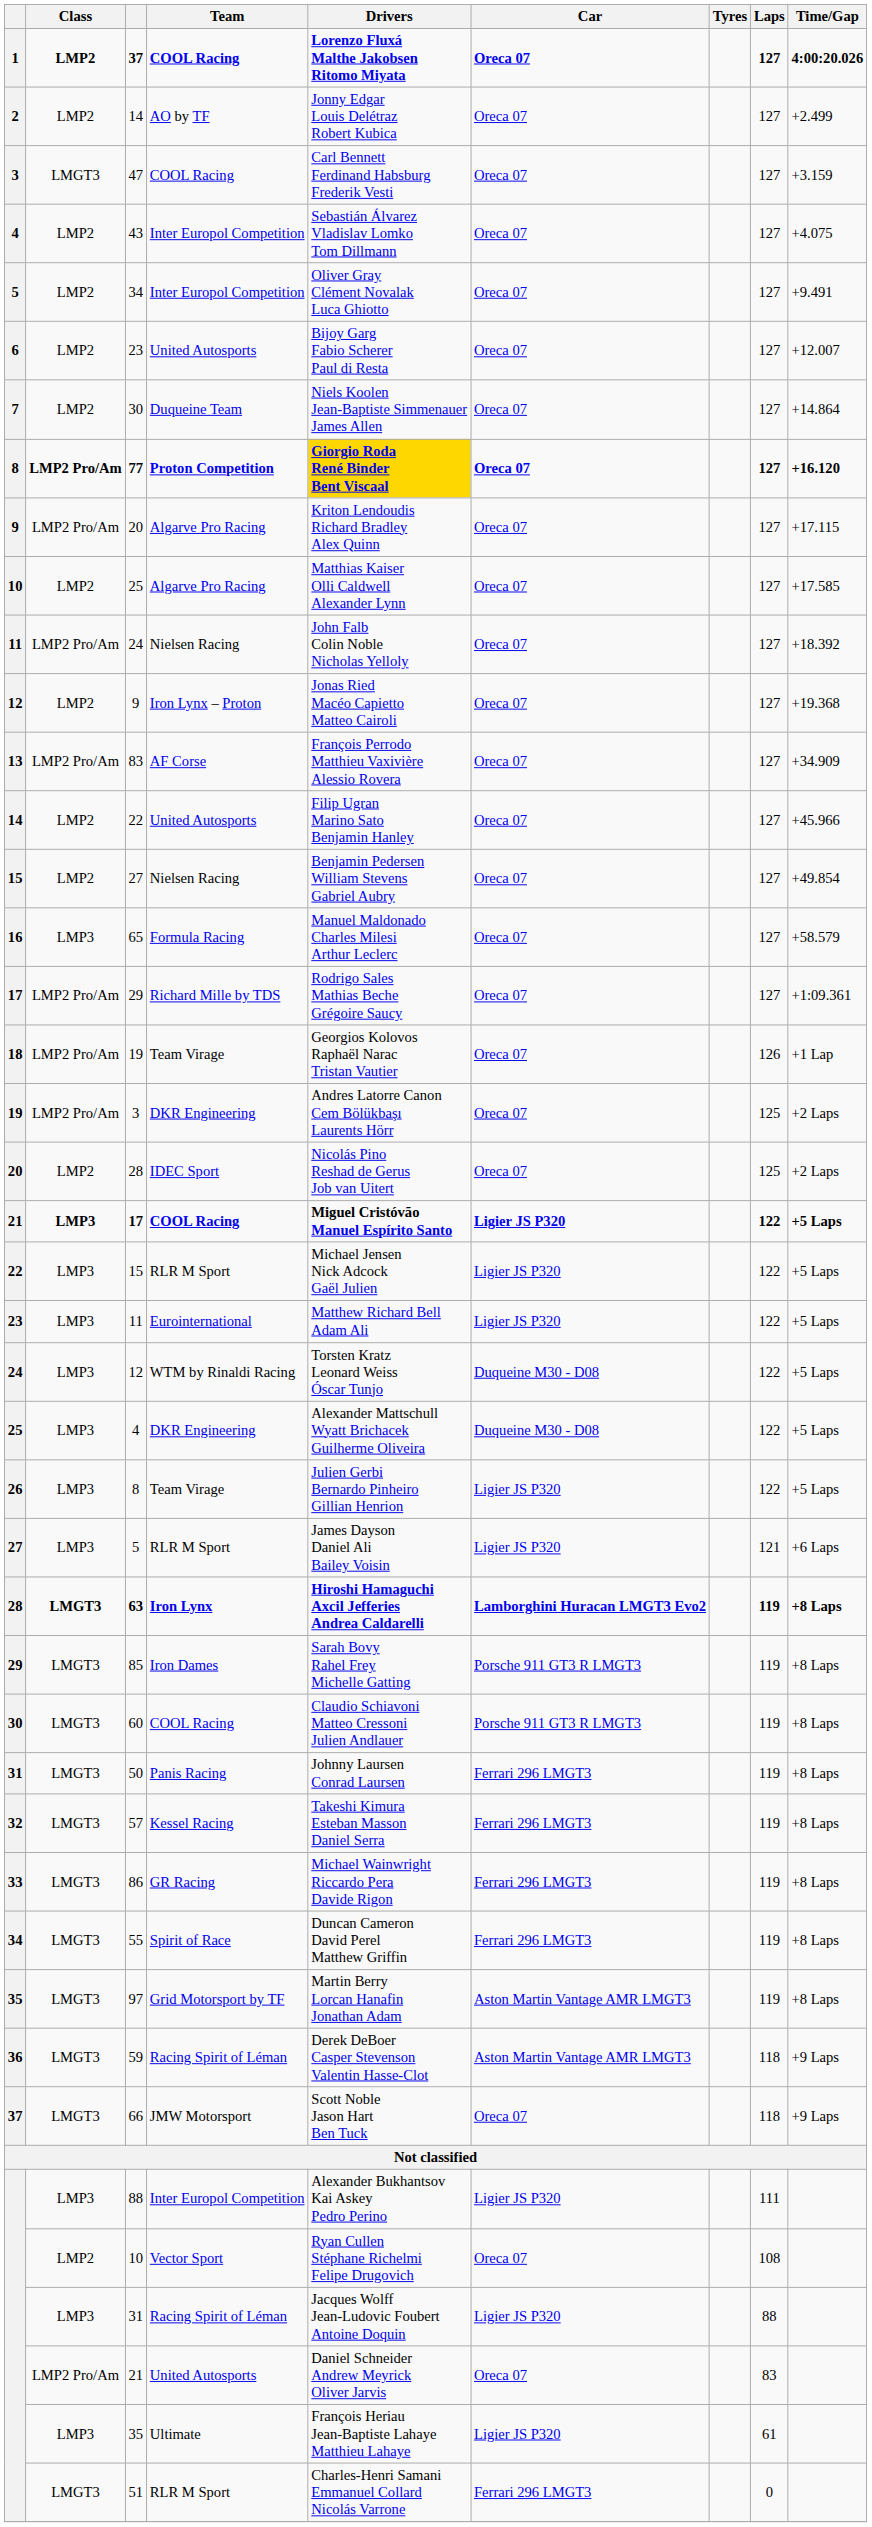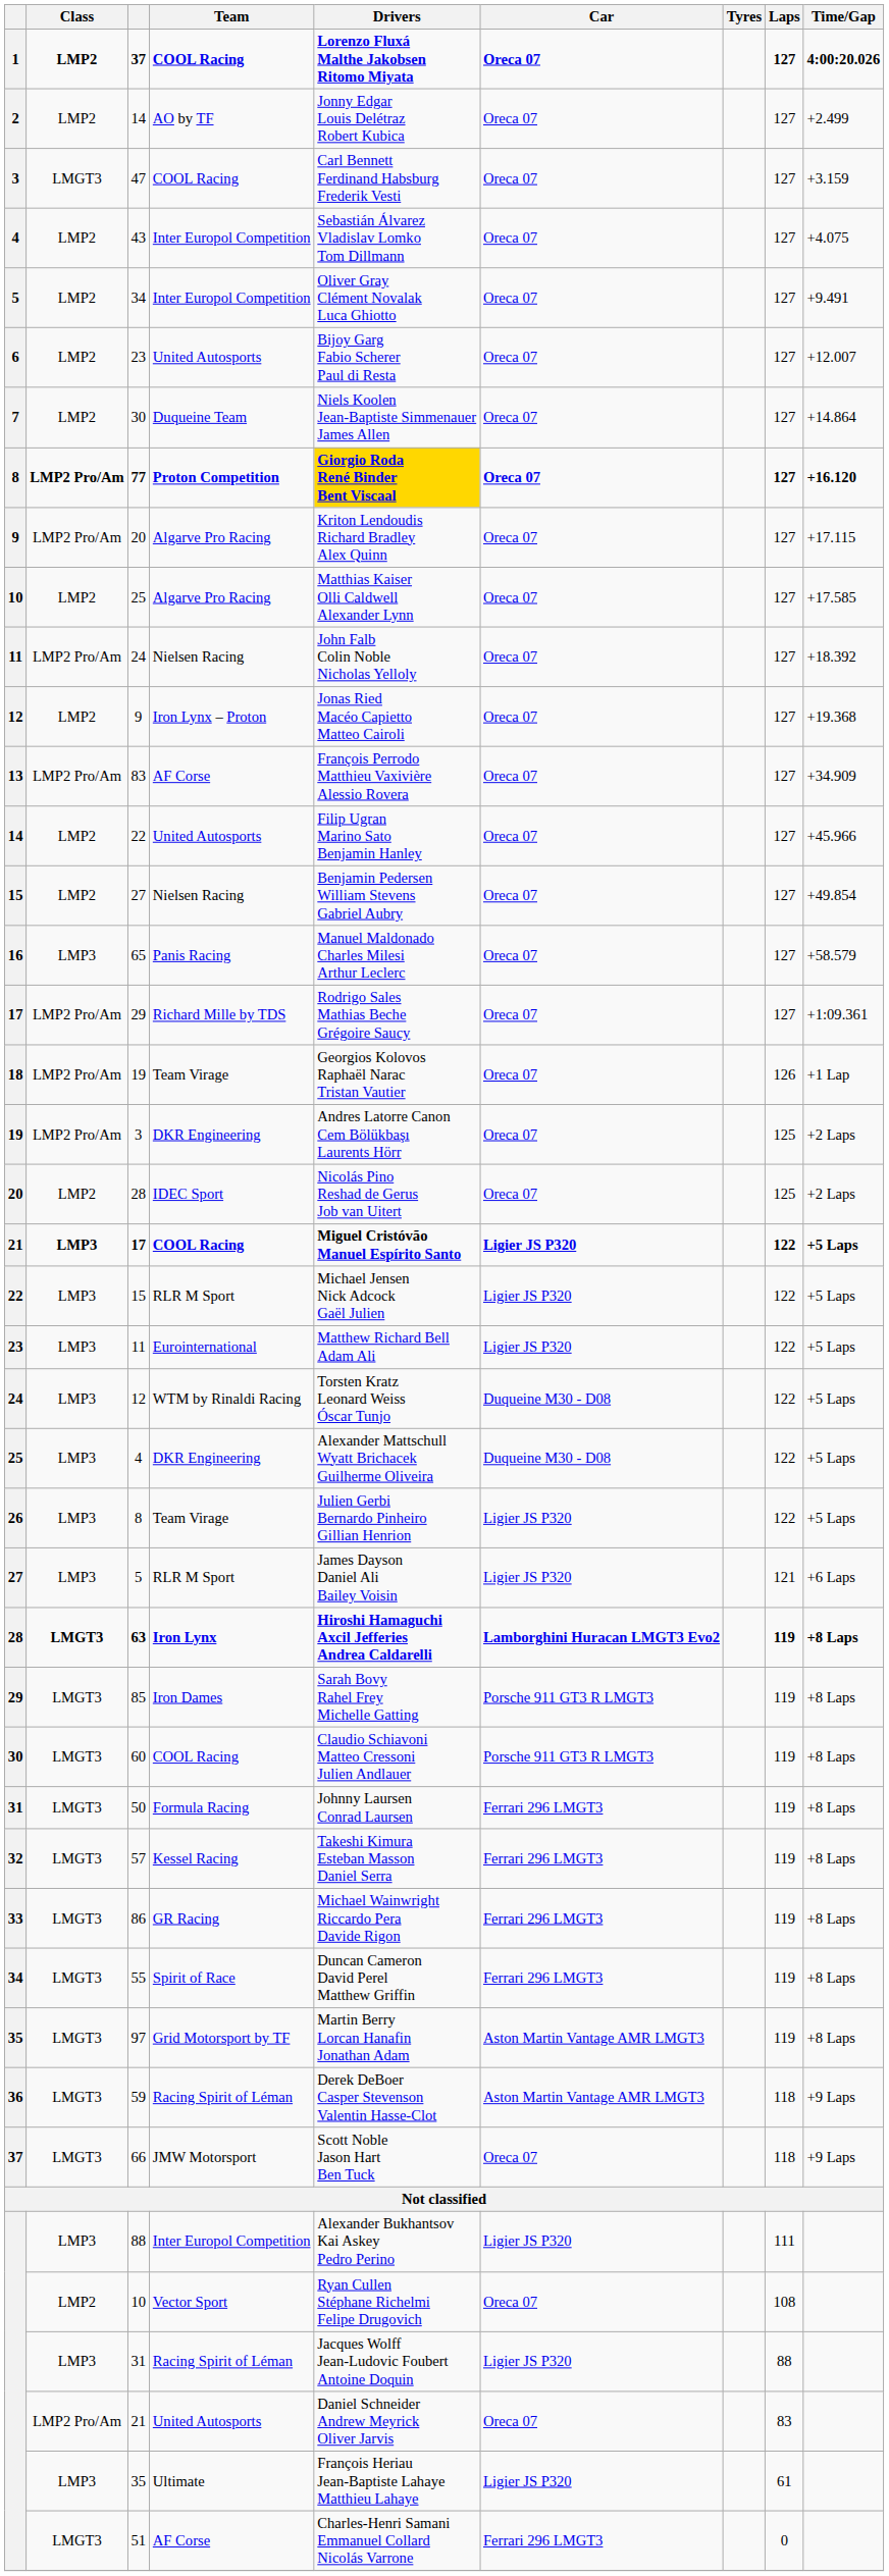 <table class="wikitable" style="font-size:95%;">
 <tr>
 <th></th>
 <th>Class</th>
 <th></th>
 <th>Team</th>
 <th>Drivers</th>
 <th>Car</th>
 <th>Tyres</th>
 <th>Laps</th>
 <th>Time/Gap</th>
 </tr>
 <tr style="font-weight: bold;">
 <th>1</th>
 <td align="center">LMP2</td>
 <td align="center">37</td>
 <td> <a href='#'>COOL Racing</a></td>
 <td> <a href='#'>Lorenzo Fluxá</a><br> <a href='#'>Malthe Jakobsen</a><br> <a href='#'>Ritomo Miyata</a></td>
 <td><a href='#'>Oreca 07</a></td>
 <td align="center"></td>
 <td align="center">127</td>
 <td align="center">4:00:20.026</td>
 </tr>
 <tr>
 <th>2</th>
 <td align="center">LMP2</td>
 <td align="center">14</td>
 <td> <a href='#'>AO</a> by <a href='#'>TF</a></td>
 <td> <a href='#'>Jonny Edgar</a><br> <a href='#'>Louis Delétraz</a><br> <a href='#'>Robert Kubica</a></td>
 <td><a href='#'>Oreca 07</a></td>
 <td align="center"></td>
 <td align="center">127</td>
 <td>+2.499</td>
 </tr>
 <tr>
 <th>3</th>
 <td align="center">LMGT3</td>
 <td align="center">47</td>
 <td> <a href='#'>COOL Racing</a></td>
 <td> <a href='#'>Carl Bennett</a><br> <a href='#'>Ferdinand Habsburg</a><br> <a href='#'>Frederik Vesti</a></td>
 <td><a href='#'>Oreca 07</a></td>
 <td align="center"></td>
 <td align="center">127</td>
 <td>+3.159</td>
 </tr>
 <tr>
 <th>4</th>
 <td align="center">LMP2</td>
 <td align="center">43</td>
 <td> <a href='#'>Inter Europol Competition</a></td>
 <td> <a href='#'>Sebastián Álvarez</a><br> <a href='#'>Vladislav Lomko</a><br> <a href='#'>Tom Dillmann</a></td>
 <td><a href='#'>Oreca 07</a></td>
 <td align="center"></td>
 <td align="center">127</td>
 <td>+4.075</td>
 </tr>
 <tr>
 <th>5</th>
 <td align="center">LMP2</td>
 <td align="center">34</td>
 <td> <a href='#'>Inter Europol Competition</a></td>
 <td> <a href='#'>Oliver Gray</a><br> <a href='#'>Clément Novalak</a><br> <a href='#'>Luca Ghiotto</a></td>
 <td><a href='#'>Oreca 07</a></td>
 <td align="center"></td>
 <td align="center">127</td>
 <td>+9.491</td>
 </tr>
 <tr>
 <th>6</th>
 <td align="center">LMP2</td>
 <td align="center">23</td>
 <td> <a href='#'>United Autosports</a></td>
 <td> <a href='#'>Bijoy Garg</a><br> <a href='#'>Fabio Scherer</a><br> <a href='#'>Paul di Resta</a></td>
 <td><a href='#'>Oreca 07</a></td>
 <td align="center"></td>
 <td align="center">127</td>
 <td>+12.007</td>
 </tr>
 <tr>
 <th>7</th>
 <td align="center">LMP2</td>
 <td align="center">30</td>
 <td> <a href='#'>Duqueine Team</a></td>
 <td> <a href='#'>Niels Koolen</a><br> <a href='#'>Jean-Baptiste Simmenauer</a><br> <a href='#'>James Allen</a></td>
 <td><a href='#'>Oreca 07</a></td>
 <td align="center"></td>
 <td align="center">127</td>
 <td>+14.864</td>
 </tr>
 <tr style="font-weight: bold;">
 <th>8</th>
 <td align="center">LMP2 Pro/Am</td>
 <td align="center">77</td>
 <td> <a href='#'>Proton Competition</a></td>
 <td style="background: gold;"> <a href='#'>Giorgio Roda</a><br> <a href='#'>René Binder</a><br> <a href='#'>Bent Viscaal</a></td>
 <td><a href='#'>Oreca 07</a></td>
 <td align="center"></td>
 <td align="center">127</td>
 <td>+16.120</td>
 </tr>
 <tr>
 <th>9</th>
 <td align="center">LMP2 Pro/Am</td>
 <td align="center">20</td>
 <td> <a href='#'>Algarve Pro Racing</a></td>
 <td> <a href='#'>Kriton Lendoudis</a><br> <a href='#'>Richard Bradley</a><br> <a href='#'>Alex Quinn</a></td>
 <td><a href='#'>Oreca 07</a></td>
 <td align="center"></td>
 <td align="center">127</td>
 <td>+17.115</td>
 </tr>
 <tr>
 <th>10</th>
 <td align="center">LMP2</td>
 <td align="center">25</td>
 <td> <a href='#'>Algarve Pro Racing</a></td>
 <td> <a href='#'>Matthias Kaiser</a><br> <a href='#'>Olli Caldwell</a><br> <a href='#'>Alexander Lynn</a></td>
 <td><a href='#'>Oreca 07</a></td>
 <td align="center"></td>
 <td align="center">127</td>
 <td>+17.585</td>
 </tr>
 <tr>
 <th>11</th>
 <td align="center">LMP2 Pro/Am</td>
 <td align="center">24</td>
 <td> Nielsen Racing</td>
 <td> <a href='#'>John Falb</a><br> Colin Noble<br> <a href='#'>Nicholas Yelloly</a></td>
 <td><a href='#'>Oreca 07</a></td>
 <td align="center"></td>
 <td align="center">127</td>
 <td>+18.392</td>
 </tr>
 <tr>
 <th>12</th>
 <td align="center">LMP2</td>
 <td align="center">9</td>
 <td> <a href='#'>Iron Lynx</a> – <a href='#'>Proton</a></td>
 <td> <a href='#'>Jonas Ried</a><br> <a href='#'>Macéo Capietto</a><br> <a href='#'>Matteo Cairoli</a></td>
 <td><a href='#'>Oreca 07</a></td>
 <td align="center"></td>
 <td align="center">127</td>
 <td>+19.368</td>
 </tr>
 <tr>
 <th>13</th>
 <td align="center">LMP2 Pro/Am</td>
 <td align="center">83</td>
 <td> <a href='#'>AF Corse</a></td>
 <td> <a href='#'>François Perrodo</a><br> <a href='#'>Matthieu Vaxivière</a><br> <a href='#'>Alessio Rovera</a></td>
 <td><a href='#'>Oreca 07</a></td>
 <td align="center"></td>
 <td align="center">127</td>
 <td>+34.909</td>
 </tr>
 <tr>
 <th>14</th>
 <td align="center">LMP2</td>
 <td align="center">22</td>
 <td> <a href='#'>United Autosports</a></td>
 <td> <a href='#'>Filip Ugran</a><br> <a href='#'>Marino Sato</a><br> <a href='#'>Benjamin Hanley</a></td>
 <td><a href='#'>Oreca 07</a></td>
 <td align="center"></td>
 <td align="center">127</td>
 <td>+45.966</td>
 </tr>
 <tr>
 <th>15</th>
 <td align="center">LMP2</td>
 <td align="center">27</td>
 <td> Nielsen Racing</td>
 <td> <a href='#'>Benjamin Pedersen</a><br> <a href='#'>William Stevens</a><br> <a href='#'>Gabriel Aubry</a></td>
 <td><a href='#'>Oreca 07</a></td>
 <td align="center"></td>
 <td align="center">127</td>
 <td>+49.854</td>
 </tr>
 <tr>
 <th>16</th>
 <td align="center">LMP3</td>
 <td align="center">65</td>
-<td> <a href='#'>Formula Racing</a></td>
+<td> <a href='#'>Panis Racing</a></td>
 <td> <a href='#'>Manuel Maldonado</a><br> <a href='#'>Charles Milesi</a><br> <a href='#'>Arthur Leclerc</a></td>
 <td><a href='#'>Oreca 07</a></td>
 <td align="center"></td>
 <td align="center">127</td>
 <td>+58.579</td>
 </tr>
 <tr>
 <th>17</th>
 <td align="center">LMP2 Pro/Am</td>
 <td align="center">29</td>
 <td> <a href='#'>Richard Mille by TDS</a></td>
 <td> <a href='#'>Rodrigo Sales</a><br> <a href='#'>Mathias Beche</a><br> <a href='#'>Grégoire Saucy</a></td>
 <td><a href='#'>Oreca 07</a></td>
 <td align="center"></td>
 <td align="center">127</td>
 <td>+1:09.361</td>
 </tr>
 <tr>
 <th>18</th>
 <td align="center">LMP2 Pro/Am</td>
 <td align="center">19</td>
 <td> Team Virage</td>
 <td> Georgios Kolovos<br> Raphaël Narac<br> <a href='#'>Tristan Vautier</a></td>
 <td><a href='#'>Oreca 07</a></td>
 <td align="center"></td>
 <td align="center">126</td>
 <td>+1 Lap</td>
 </tr>
 <tr>
 <th>19</th>
 <td align="center">LMP2 Pro/Am</td>
 <td align="center">3</td>
 <td> <a href='#'>DKR Engineering</a></td>
 <td> Andres Latorre Canon<br> <a href='#'>Cem Bölükbaşı</a><br> <a href='#'>Laurents Hörr</a></td>
 <td><a href='#'>Oreca 07</a></td>
 <td align="center"></td>
 <td align="center">125</td>
 <td>+2 Laps</td>
 </tr>
 <tr>
 <th>20</th>
 <td align="center">LMP2</td>
 <td align="center">28</td>
 <td> <a href='#'>IDEC Sport</a></td>
 <td> <a href='#'>Nicolás Pino</a><br> <a href='#'>Reshad de Gerus</a><br> <a href='#'>Job van Uitert</a></td>
 <td><a href='#'>Oreca 07</a></td>
 <td align="center"></td>
 <td align="center">125</td>
 <td>+2 Laps</td>
 </tr>
 <tr style="font-weight: bold;">
 <th>21</th>
 <td align="center">LMP3</td>
 <td align="center">17</td>
 <td> <a href='#'>COOL Racing</a></td>
 <td> Miguel Cristóvão<br> <a href='#'>Manuel Espírito Santo</a></td>
 <td><a href='#'>Ligier JS P320</a></td>
 <td align="center"></td>
 <td align="center">122</td>
 <td>+5 Laps</td>
 </tr>
 <tr>
 <th>22</th>
 <td align="center">LMP3</td>
 <td align="center">15</td>
 <td> RLR M Sport</td>
 <td> Michael Jensen<br> Nick Adcock<br> <a href='#'>Gaël Julien</a></td>
 <td><a href='#'>Ligier JS P320</a></td>
 <td align="center"></td>
 <td align="center">122</td>
 <td>+5 Laps</td>
 </tr>
 <tr>
 <th>23</th>
 <td align="center">LMP3</td>
 <td align="center">11</td>
 <td> <a href='#'>Eurointernational</a></td>
 <td> <a href='#'>Matthew Richard Bell</a><br> <a href='#'>Adam Ali</a></td>
 <td><a href='#'>Ligier JS P320</a></td>
 <td align="center"></td>
 <td align="center">122</td>
 <td>+5 Laps</td>
 </tr>
 <tr>
 <th>24</th>
 <td align="center">LMP3</td>
 <td align="center">12</td>
 <td> WTM by Rinaldi Racing</td>
 <td> Torsten Kratz<br> Leonard Weiss<br> <a href='#'>Óscar Tunjo</a></td>
 <td><a href='#'>Duqueine M30 - D08</a></td>
 <td align="center"></td>
 <td align="center">122</td>
 <td>+5 Laps</td>
 </tr>
 <tr>
 <th>25</th>
 <td align="center">LMP3</td>
 <td align="center">4</td>
 <td> <a href='#'>DKR Engineering</a></td>
 <td> Alexander Mattschull<br> <a href='#'>Wyatt Brichacek</a><br> <a href='#'>Guilherme Oliveira</a></td>
 <td><a href='#'>Duqueine M30 - D08</a></td>
 <td align="center"></td>
 <td align="center">122</td>
 <td>+5 Laps</td>
 </tr>
 <tr>
 <th>26</th>
 <td align="center">LMP3</td>
 <td align="center">8</td>
 <td> Team Virage</td>
 <td> <a href='#'>Julien Gerbi</a><br> <a href='#'>Bernardo Pinheiro</a><br> <a href='#'>Gillian Henrion</a></td>
 <td><a href='#'>Ligier JS P320</a></td>
 <td align="center"></td>
 <td align="center">122</td>
 <td>+5 Laps</td>
 </tr>
 <tr>
 <th>27</th>
 <td align="center">LMP3</td>
 <td align="center">5</td>
 <td> RLR M Sport</td>
 <td> James Dayson<br> Daniel Ali<br> <a href='#'>Bailey Voisin</a></td>
 <td><a href='#'>Ligier JS P320</a></td>
 <td align="center"></td>
 <td align="center">121</td>
 <td>+6 Laps</td>
 </tr>
 <tr style="font-weight: bold;">
 <th>28</th>
 <td align="center">LMGT3</td>
 <td align="center">63</td>
 <td> <a href='#'>Iron Lynx</a></td>
 <td> <a href='#'>Hiroshi Hamaguchi</a><br> <a href='#'>Axcil Jefferies</a><br> <a href='#'>Andrea Caldarelli</a></td>
 <td><a href='#'>Lamborghini Huracan LMGT3 Evo2</a></td>
 <td align="center"></td>
 <td align="center">119</td>
 <td>+8 Laps</td>
 </tr>
 <tr>
 <th>29</th>
 <td align="center">LMGT3</td>
 <td align="center">85</td>
 <td> <a href='#'>Iron Dames</a></td>
 <td> <a href='#'>Sarah Bovy</a><br> <a href='#'>Rahel Frey</a><br> <a href='#'>Michelle Gatting</a></td>
 <td><a href='#'>Porsche 911 GT3 R LMGT3</a></td>
 <td align="center"></td>
 <td align="center">119</td>
 <td>+8 Laps</td>
 </tr>
 <tr>
 <th>30</th>
 <td align="center">LMGT3</td>
 <td align="center">60</td>
 <td> <a href='#'>COOL Racing</a></td>
 <td> <a href='#'>Claudio Schiavoni</a><br> <a href='#'>Matteo Cressoni</a><br> <a href='#'>Julien Andlauer</a></td>
 <td><a href='#'>Porsche 911 GT3 R LMGT3</a></td>
 <td align="center"></td>
 <td align="center">119</td>
 <td>+8 Laps</td>
 </tr>
 <tr>
 <th>31</th>
 <td align="center">LMGT3</td>
 <td align="center">50</td>
-<td> <a href='#'>Panis Racing</a></td>
+<td> <a href='#'>Formula Racing</a></td>
 <td> Johnny Laursen<br> <a href='#'>Conrad Laursen</a></td>
 <td><a href='#'>Ferrari 296 LMGT3</a></td>
 <td align="center"></td>
 <td align="center">119</td>
 <td>+8 Laps</td>
 </tr>
 <tr>
 <th>32</th>
 <td align="center">LMGT3</td>
 <td align="center">57</td>
 <td> <a href='#'>Kessel Racing</a></td>
 <td> <a href='#'>Takeshi Kimura</a><br> <a href='#'>Esteban Masson</a><br> <a href='#'>Daniel Serra</a></td>
 <td><a href='#'>Ferrari 296 LMGT3</a></td>
 <td align="center"></td>
 <td align="center">119</td>
 <td>+8 Laps</td>
 </tr>
 <tr>
 <th>33</th>
 <td align="center">LMGT3</td>
 <td align="center">86</td>
 <td> <a href='#'>GR Racing</a></td>
 <td> <a href='#'>Michael Wainwright</a><br> <a href='#'>Riccardo Pera</a><br> <a href='#'>Davide Rigon</a></td>
 <td><a href='#'>Ferrari 296 LMGT3</a></td>
 <td align="center"></td>
 <td align="center">119</td>
 <td>+8 Laps</td>
 </tr>
 <tr>
 <th>34</th>
 <td align="center">LMGT3</td>
 <td align="center">55</td>
 <td> <a href='#'>Spirit of Race</a></td>
 <td> Duncan Cameron<br> David Perel<br> Matthew Griffin</td>
 <td><a href='#'>Ferrari 296 LMGT3</a></td>
 <td align="center"></td>
 <td align="center">119</td>
 <td>+8 Laps</td>
 </tr>
 <tr>
 <th>35</th>
 <td align="center">LMGT3</td>
 <td align="center">97</td>
 <td> <a href='#'>Grid Motorsport by TF</a></td>
 <td> Martin Berry<br> <a href='#'>Lorcan Hanafin</a><br> <a href='#'>Jonathan Adam</a></td>
 <td><a href='#'>Aston Martin Vantage AMR LMGT3</a></td>
 <td align="center"></td>
 <td align="center">119</td>
 <td>+8 Laps</td>
 </tr>
 <tr>
 <th>36</th>
 <td align="center">LMGT3</td>
 <td align="center">59</td>
 <td> <a href='#'>Racing Spirit of Léman</a></td>
 <td> Derek DeBoer<br> <a href='#'>Casper Stevenson</a><br> <a href='#'>Valentin Hasse-Clot</a></td>
 <td><a href='#'>Aston Martin Vantage AMR LMGT3</a></td>
 <td align="center"></td>
 <td align="center">118</td>
 <td>+9 Laps</td>
 </tr>
 <tr>
 <th>37</th>
 <td align="center">LMGT3</td>
 <td align="center">66</td>
 <td> JMW Motorsport</td>
 <td> Scott Noble<br> Jason Hart<br> <a href='#'>Ben Tuck</a></td>
 <td><a href='#'>Oreca 07</a></td>
 <td align="center"></td>
 <td align="center">118</td>
 <td>+9 Laps</td>
 </tr>
 <tr>
 <th colspan="9">Not classified</th>
 </tr>
 <tr>
 <th rowspan="6"></th>
 <td align="center">LMP3</td>
 <td align="center">88</td>
 <td> <a href='#'>Inter Europol Competition</a></td>
 <td> Alexander Bukhantsov<br> Kai Askey<br> <a href='#'>Pedro Perino</a></td>
 <td><a href='#'>Ligier JS P320</a></td>
 <td align="center"></td>
 <td align="center">111</td>
 <td></td>
 </tr>
 <tr>
 <td align="center">LMP2</td>
 <td align="center">10</td>
 <td> <a href='#'>Vector Sport</a></td>
 <td> <a href='#'>Ryan Cullen</a><br> <a href='#'>Stéphane Richelmi</a><br> <a href='#'>Felipe Drugovich</a></td>
 <td><a href='#'>Oreca 07</a></td>
 <td align="center"></td>
 <td align="center">108</td>
 <td></td>
 </tr>
 <tr>
 <td align="center">LMP3</td>
 <td align="center">31</td>
 <td> <a href='#'>Racing Spirit of Léman</a></td>
 <td> Jacques Wolff<br> Jean-Ludovic Foubert<br> <a href='#'>Antoine Doquin</a></td>
 <td><a href='#'>Ligier JS P320</a></td>
 <td align="center"></td>
 <td align="center">88</td>
 <td></td>
 </tr>
 <tr>
 <td align="center">LMP2 Pro/Am</td>
 <td align="center">21</td>
 <td> <a href='#'>United Autosports</a></td>
 <td> Daniel Schneider<br> <a href='#'>Andrew Meyrick</a><br> <a href='#'>Oliver Jarvis</a></td>
 <td><a href='#'>Oreca 07</a></td>
 <td align="center"></td>
 <td align="center">83</td>
 <td></td>
 </tr>
 <tr>
 <td align="center">LMP3</td>
 <td align="center">35</td>
 <td> Ultimate</td>
 <td> François Heriau<br> Jean-Baptiste Lahaye<br> <a href='#'>Matthieu Lahaye</a></td>
 <td><a href='#'>Ligier JS P320</a></td>
 <td align="center"></td>
 <td align="center">61</td>
 <td></td>
 </tr>
 <tr>
 <td align="center">LMGT3</td>
 <td align="center">51</td>
-<td> RLR M Sport</td>
+<td> <a href='#'>AF Corse</a></td>
 <td> Charles-Henri Samani<br> <a href='#'>Emmanuel Collard</a><br> <a href='#'>Nicolás Varrone</a></td>
 <td><a href='#'>Ferrari 296 LMGT3</a></td>
 <td align="center"></td>
 <td align="center">0</td>
 <td></td>
 </tr>
 <tr>
 </tr>
 </table>
